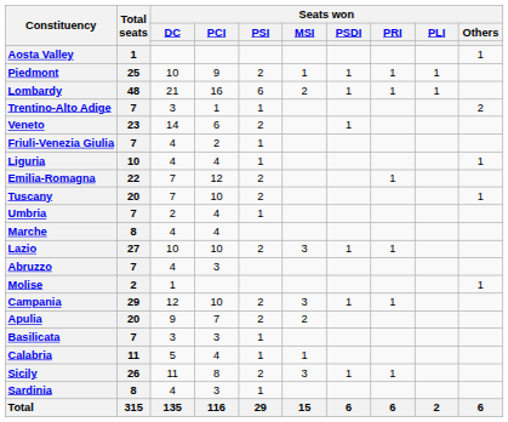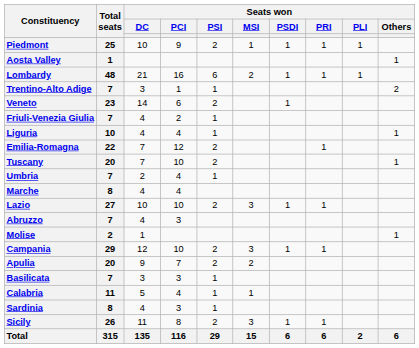 <table class="wikitable" style="text-align:center; font-size: 0.9em">
 <tr>
 <th rowspan="3">Constituency</th>
 <th rowspan="3">Total<br>seats</th>
 <th colspan="8">Seats won</th>
 </tr>
 <tr>
 <th class="unsortable" style="width:50px;"><a href='#'>DC</a></th>
 <th class="unsortable" style="width:50px;"><a href='#'>PCI</a></th>
 <th class="unsortable" style="width:50px;"><a href='#'>PSI</a></th>
 <th class="unsortable" style="width:50px;"><a href='#'>MSI</a></th>
 <th class="unsortable" style="width:50px;"><a href='#'>PSDI</a></th>
 <th class="unsortable" style="width:50px;"><a href='#'>PRI</a></th>
 <th class="unsortable" style="width:50px;"><a href='#'>PLI</a></th>
 <th class="unsortable" style="width:50px;">Others</th>
 </tr>
 <tr>
 <th style="background:"></th>
 <th style="background:"></th>
 <th style="background:"></th>
 <th style="background:"></th>
 <th style="background:"></th>
 <th style="background:"></th>
 <th style="background:"></th>
 <th style="background:"></th>
 </tr>
 <tr>
+<th style="text-align: left;"><a href='#'>Piedmont</a></th>
+<th>25</th>
+<td>10</td>
+<td>9</td>
+<td>2</td>
+<td>1</td>
+<td>1</td>
+<td>1</td>
+<td>1</td>
+<td></td>
+</tr>
+<tr>
 <th style="text-align: left;"><a href='#'>Aosta Valley</a></th>
 <th>1</th>
 <td></td>
 <td></td>
 <td></td>
 <td></td>
 <td></td>
 <td></td>
 <td></td>
 <td>1</td>
-</tr>
-<tr>
-<th style="text-align: left;"><a href='#'>Piedmont</a></th>
-<th>25</th>
-<td>10</td>
-<td>9</td>
-<td>2</td>
-<td>1</td>
-<td>1</td>
-<td>1</td>
-<td>1</td>
-<td></td>
 </tr>
 <tr>
 <th style="text-align: left;"><a href='#'>Lombardy</a></th>
 <th>48</th>
 <td>21</td>
 <td>16</td>
 <td>6</td>
 <td>2</td>
 <td>1</td>
 <td>1</td>
 <td>1</td>
 <td></td>
 </tr>
 <tr>
 <th style="text-align: left;"><a href='#'>Trentino-Alto Adige</a></th>
 <th>7</th>
 <td>3</td>
 <td>1</td>
 <td>1</td>
 <td></td>
 <td></td>
 <td></td>
 <td></td>
 <td>2</td>
 </tr>
 <tr>
 <th style="text-align: left;"><a href='#'>Veneto</a></th>
 <th>23</th>
 <td>14</td>
 <td>6</td>
 <td>2</td>
 <td></td>
 <td>1</td>
 <td></td>
 <td></td>
 <td></td>
 </tr>
 <tr>
 <th style="text-align: left;"><a href='#'>Friuli-Venezia Giulia</a></th>
 <th>7</th>
 <td>4</td>
 <td>2</td>
 <td>1</td>
 <td></td>
 <td></td>
 <td></td>
 <td></td>
 <td></td>
 </tr>
 <tr>
 <th style="text-align: left;"><a href='#'>Liguria</a></th>
 <th>10</th>
 <td>4</td>
 <td>4</td>
 <td>1</td>
 <td></td>
 <td></td>
 <td></td>
 <td></td>
 <td>1</td>
 </tr>
 <tr>
 <th style="text-align: left;"><a href='#'>Emilia-Romagna</a></th>
 <th>22</th>
 <td>7</td>
 <td>12</td>
 <td>2</td>
 <td></td>
 <td></td>
 <td>1</td>
 <td></td>
 <td></td>
 </tr>
 <tr>
 <th style="text-align: left;"><a href='#'>Tuscany</a></th>
 <th>20</th>
 <td>7</td>
 <td>10</td>
 <td>2</td>
 <td></td>
 <td></td>
 <td></td>
 <td></td>
 <td>1</td>
 </tr>
 <tr>
 <th style="text-align: left;"><a href='#'>Umbria</a></th>
 <th>7</th>
 <td>2</td>
 <td>4</td>
 <td>1</td>
 <td></td>
 <td></td>
 <td></td>
 <td></td>
 <td></td>
 </tr>
 <tr>
 <th style="text-align: left;"><a href='#'>Marche</a></th>
 <th>8</th>
 <td>4</td>
 <td>4</td>
 <td></td>
 <td></td>
 <td></td>
 <td></td>
 <td></td>
 <td></td>
 </tr>
 <tr>
 <th style="text-align: left;"><a href='#'>Lazio</a></th>
 <th>27</th>
 <td>10</td>
 <td>10</td>
 <td>2</td>
 <td>3</td>
 <td>1</td>
 <td>1</td>
 <td></td>
 <td></td>
 </tr>
 <tr>
 <th style="text-align: left;"><a href='#'>Abruzzo</a></th>
 <th>7</th>
 <td>4</td>
 <td>3</td>
 <td></td>
 <td></td>
 <td></td>
 <td></td>
 <td></td>
 <td></td>
 </tr>
 <tr>
 <th style="text-align: left;"><a href='#'>Molise</a></th>
 <th>2</th>
 <td>1</td>
 <td></td>
 <td></td>
 <td></td>
 <td></td>
 <td></td>
 <td></td>
 <td>1</td>
 </tr>
 <tr>
 <th style="text-align: left;"><a href='#'>Campania</a></th>
 <th>29</th>
 <td>12</td>
 <td>10</td>
 <td>2</td>
 <td>3</td>
 <td>1</td>
 <td>1</td>
 <td></td>
 <td></td>
 </tr>
 <tr>
 <th style="text-align: left;"><a href='#'>Apulia</a></th>
 <th>20</th>
 <td>9</td>
 <td>7</td>
 <td>2</td>
 <td>2</td>
 <td></td>
 <td></td>
 <td></td>
 <td></td>
 </tr>
 <tr>
 <th style="text-align: left;"><a href='#'>Basilicata</a></th>
 <th>7</th>
 <td>3</td>
 <td>3</td>
 <td>1</td>
 <td></td>
 <td></td>
 <td></td>
 <td></td>
 <td></td>
 </tr>
 <tr>
 <th style="text-align: left;"><a href='#'>Calabria</a></th>
 <th>11</th>
 <td>5</td>
 <td>4</td>
 <td>1</td>
 <td>1</td>
 <td></td>
 <td></td>
 <td></td>
 <td></td>
 </tr>
 <tr>
+<th style="text-align: left;"><a href='#'>Sardinia</a></th>
+<th>8</th>
+<td>4</td>
+<td>3</td>
+<td>1</td>
+<td></td>
+<td></td>
+<td></td>
+<td></td>
+<td></td>
+</tr>
+<tr>
 <th style="text-align: left;"><a href='#'>Sicily</a></th>
 <th>26</th>
 <td>11</td>
 <td>8</td>
 <td>2</td>
 <td>3</td>
 <td>1</td>
 <td>1</td>
-<td></td>
-<td></td>
-</tr>
-<tr>
-<th style="text-align: left;"><a href='#'>Sardinia</a></th>
-<th>8</th>
-<td>4</td>
-<td>3</td>
-<td>1</td>
-<td></td>
-<td></td>
-<td></td>
 <td></td>
 <td></td>
 </tr>
 <tr>
 <th style="text-align: left;">Total</th>
 <th>315</th>
 <th>135</th>
 <th>116</th>
 <th>29</th>
 <th>15</th>
 <th>6</th>
 <th>6</th>
 <th>2</th>
 <th>6</th>
 </tr>
 </table>
